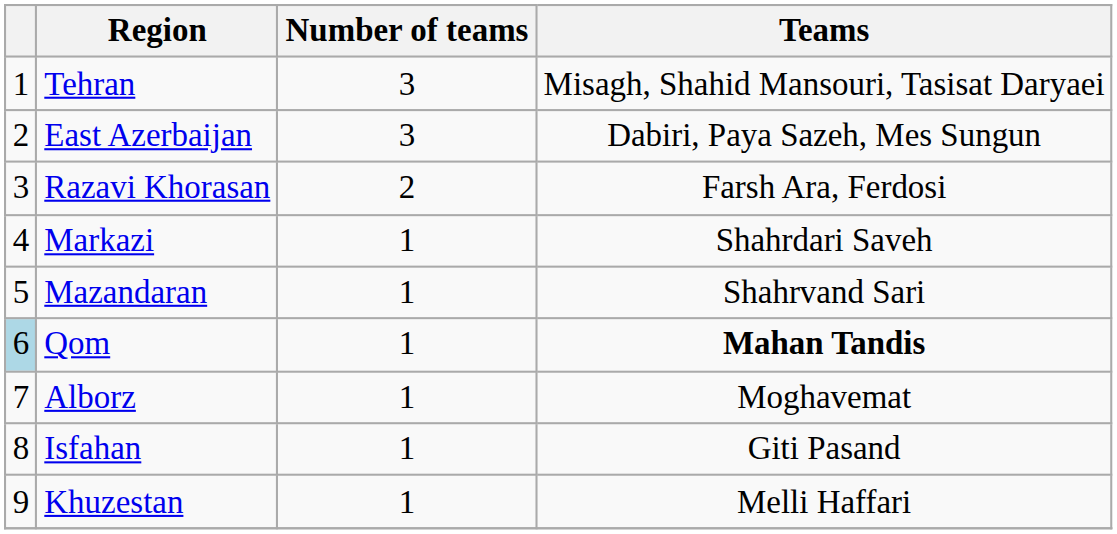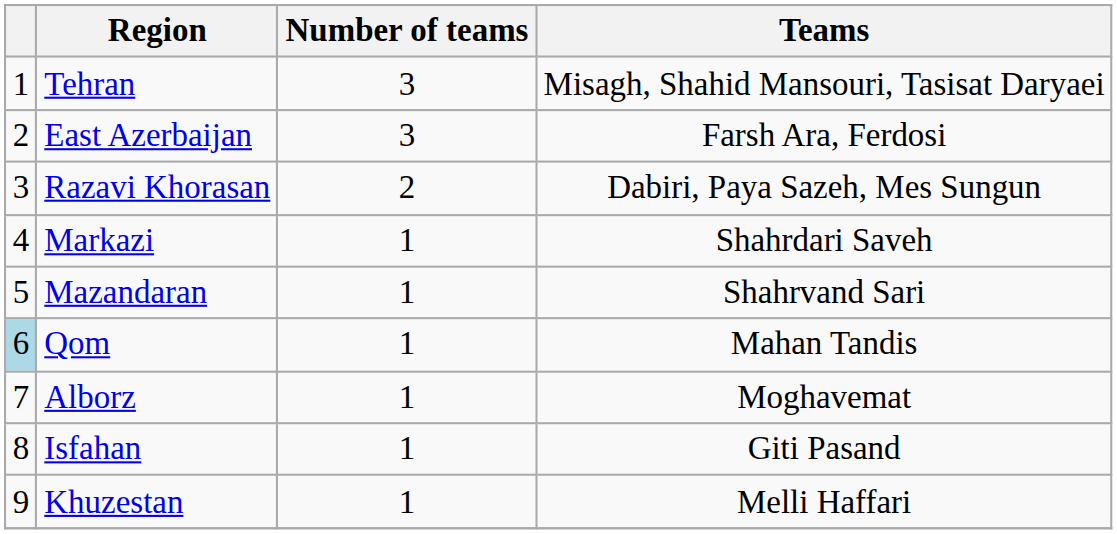 <table class="wikitable">
 <tr>
 <th></th>
 <th>Region</th>
 <th>Number of teams</th>
 <th>Teams</th>
 </tr>
 <tr>
 <td>1</td>
 <td><a href='#'>Tehran</a></td>
 <td align=center>3</td>
 <td align=center>Misagh, Shahid Mansouri, Tasisat Daryaei</td>
 </tr>
 <tr>
 <td>2</td>
 <td><a href='#'>East Azerbaijan</a></td>
 <td align=center>3</td>
-<td align=center>Dabiri, Paya Sazeh, Mes Sungun</td>
+<td align=center>Farsh Ara, Ferdosi</td>
 </tr>
 <tr>
 <td>3</td>
 <td><a href='#'>Razavi Khorasan</a></td>
 <td align=center>2</td>
-<td align=center>Farsh Ara, Ferdosi</td>
+<td align=center>Dabiri, Paya Sazeh, Mes Sungun</td>
 </tr>
 <tr>
 <td>4</td>
 <td><a href='#'>Markazi</a></td>
 <td align=center>1</td>
 <td align=center>Shahrdari Saveh</td>
 </tr>
 <tr>
 <td>5</td>
 <td><a href='#'>Mazandaran</a></td>
 <td align=center>1</td>
 <td align=center>Shahrvand Sari</td>
 </tr>
 <tr>
 <td style="background: lightblue;">6</td>
 <td><a href='#'>Qom</a></td>
 <td align=center>1</td>
-<td align=center><strong>Mahan Tandis</strong></td>
+<td align=center>Mahan Tandis</td>
 </tr>
 <tr>
 <td>7</td>
 <td><a href='#'>Alborz</a></td>
 <td align=center>1</td>
 <td align=center>Moghavemat</td>
 </tr>
 <tr>
 <td>8</td>
 <td><a href='#'>Isfahan</a></td>
 <td align=center>1</td>
 <td align=center>Giti Pasand</td>
 </tr>
 <tr>
 <td>9</td>
 <td><a href='#'>Khuzestan</a></td>
 <td align=center>1</td>
 <td align=center>Melli Haffari</td>
 </tr>
 <tr>
 </tr>
 </table>
